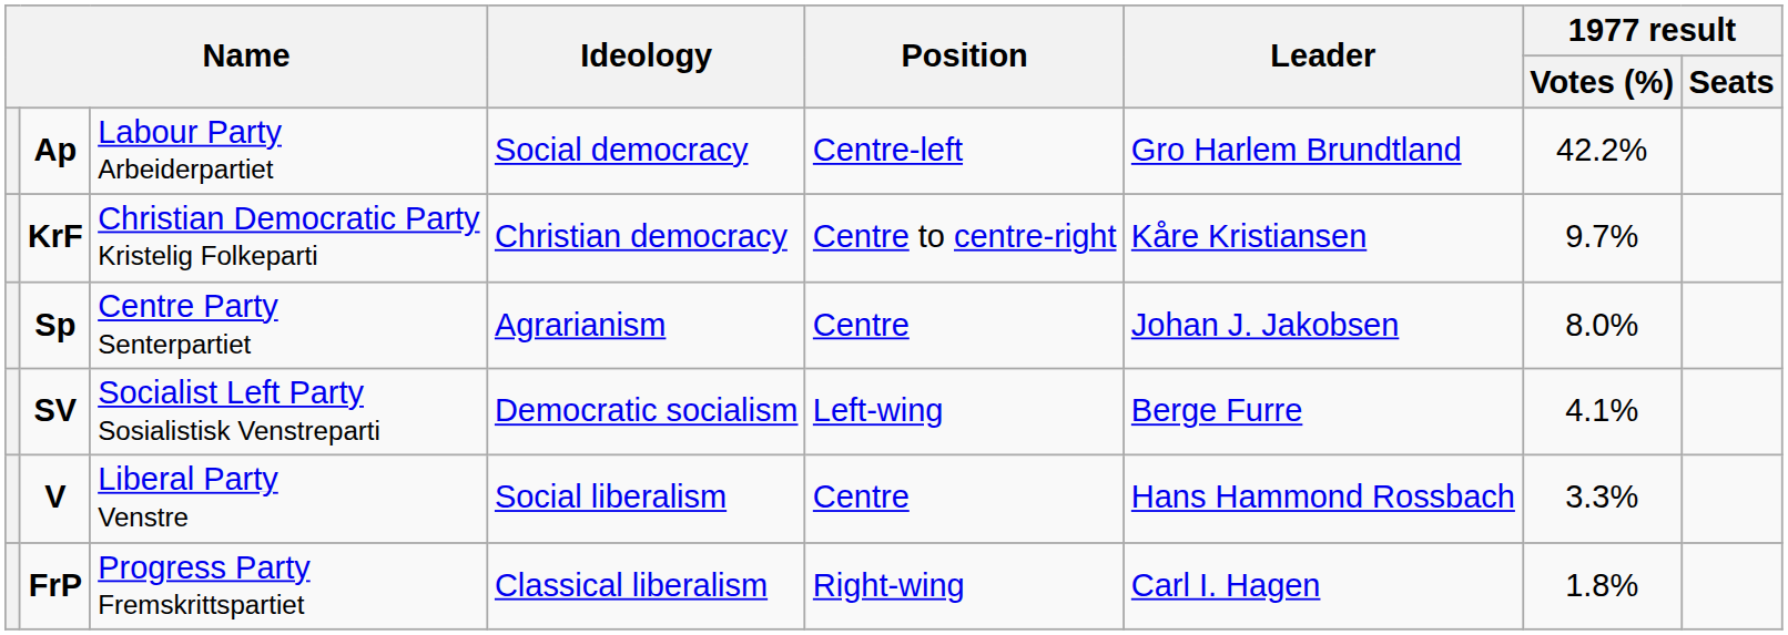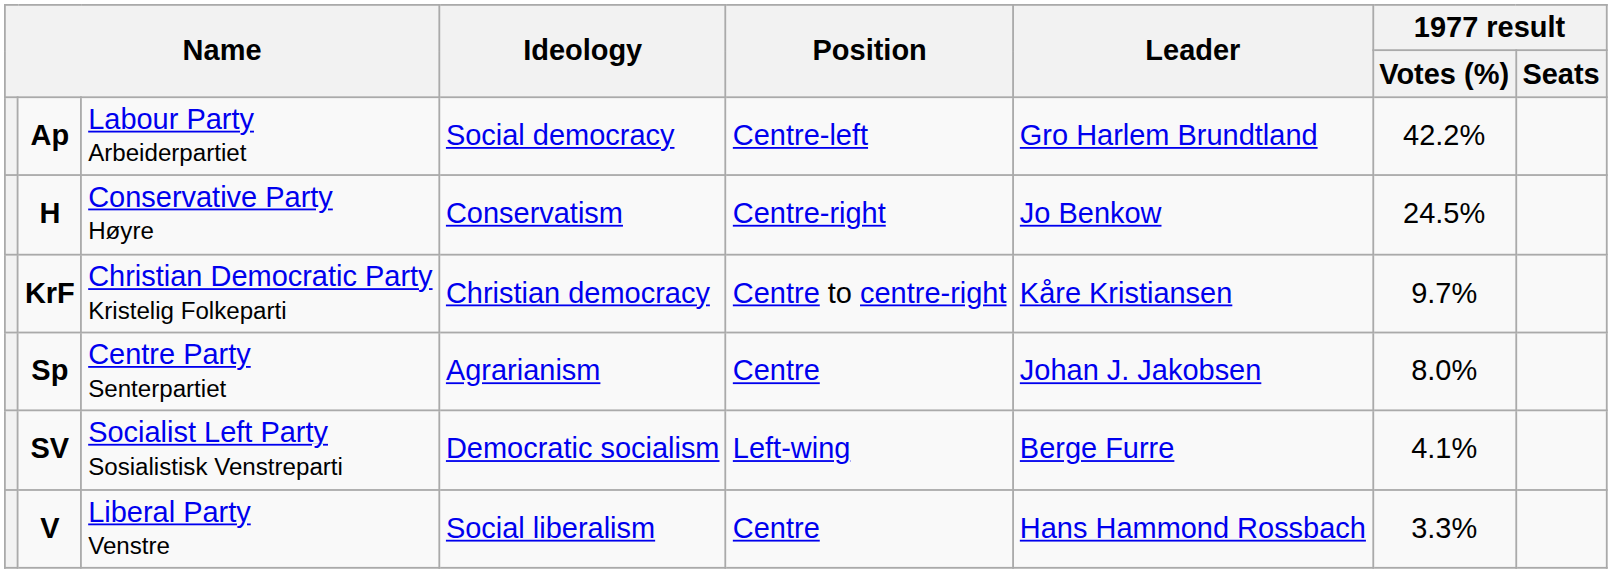 <table class="wikitable">
 <tr>
 <th rowspan=2 colspan=3 width=225px>Name</th>
 <th rowspan=2>Ideology</th>
 <th rowspan=2>Position</th>
 <th rowspan=2>Leader</th>
 <th colspan=2>1977 result</th>
 </tr>
 <tr>
 <th>Votes (%)</th>
 <th>Seats</th>
 </tr>
 <tr>
 <th style="background:"></th>
 <td align=center><strong>Ap</strong></td>
 <td><a href='#'>Labour Party</a><br><small>Arbeiderpartiet</small></td>
 <td><a href='#'>Social democracy</a></td>
 <td><a href='#'>Centre-left</a></td>
 <td><a href='#'>Gro Harlem Brundtland</a></td>
 <td align=center>42.2%</td>
+<td></td>
+</tr>
+<tr>
+<th style="background:"></th>
+<td align=center><strong>H</strong></td>
+<td><a href='#'>Conservative Party</a><br><small>Høyre</small></td>
+<td><a href='#'>Conservatism</a></td>
+<td><a href='#'>Centre-right</a></td>
+<td><a href='#'>Jo Benkow</a></td>
+<td align=center>24.5%</td>
 <td></td>
 </tr>
 <tr>
 <th style="background:"></th>
 <td align="center"><strong>KrF</strong></td>
 <td><a href='#'>Christian Democratic Party</a><br><small>Kristelig Folkeparti</small></td>
 <td><a href='#'>Christian democracy</a></td>
 <td><a href='#'>Centre</a> to <a href='#'>centre-right</a></td>
 <td><a href='#'>Kåre Kristiansen</a></td>
 <td align="center">9.7%</td>
 <td></td>
 </tr>
 <tr>
 <th style="background:"></th>
 <td align="center"><strong>Sp</strong></td>
 <td><a href='#'>Centre Party</a><br><small>Senterpartiet</small></td>
 <td><a href='#'>Agrarianism</a></td>
 <td><a href='#'>Centre</a></td>
 <td><a href='#'>Johan J. Jakobsen</a></td>
 <td align="center">8.0%</td>
 <td></td>
 </tr>
 <tr>
 <th style="background:"></th>
 <td align="center"><strong>SV</strong></td>
 <td><a href='#'>Socialist Left Party</a><br><small>Sosialistisk Venstreparti</small></td>
 <td><a href='#'>Democratic socialism</a></td>
 <td><a href='#'>Left-wing</a></td>
 <td><a href='#'>Berge Furre</a></td>
 <td align="center">4.1%</td>
 <td></td>
 </tr>
 <tr>
 <th style="background:"></th>
 <td align="center"><strong>V</strong></td>
 <td><a href='#'>Liberal Party</a><br><small>Venstre</small></td>
 <td><a href='#'>Social liberalism</a></td>
 <td><a href='#'>Centre</a></td>
 <td><a href='#'>Hans Hammond Rossbach</a></td>
 <td align="center">3.3%</td>
 <td></td>
 </tr>
-<tr>
-<th style="background:"></th>
-<td align="center"><strong>FrP</strong></td>
-<td><a href='#'>Progress Party</a><br><small>Fremskrittspartiet</small></td>
-<td><a href='#'>Classical liberalism</a></td>
-<td><a href='#'>Right-wing</a></td>
-<td><a href='#'>Carl I. Hagen</a></td>
-<td align="center">1.8%</td>
-<td></td>
-</tr>
 </table>
